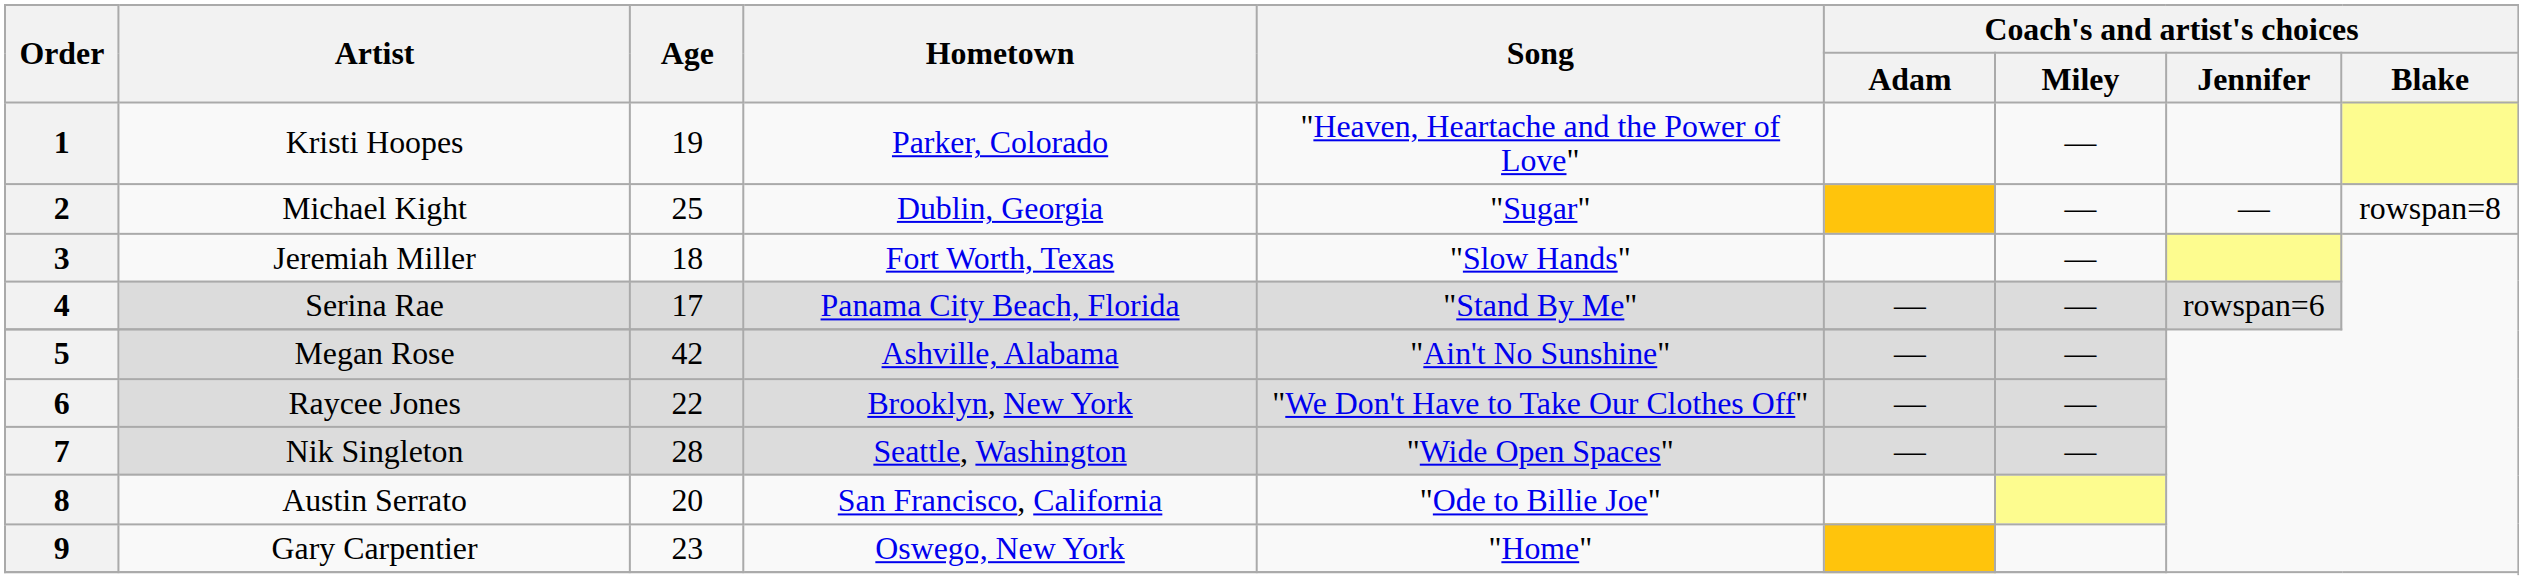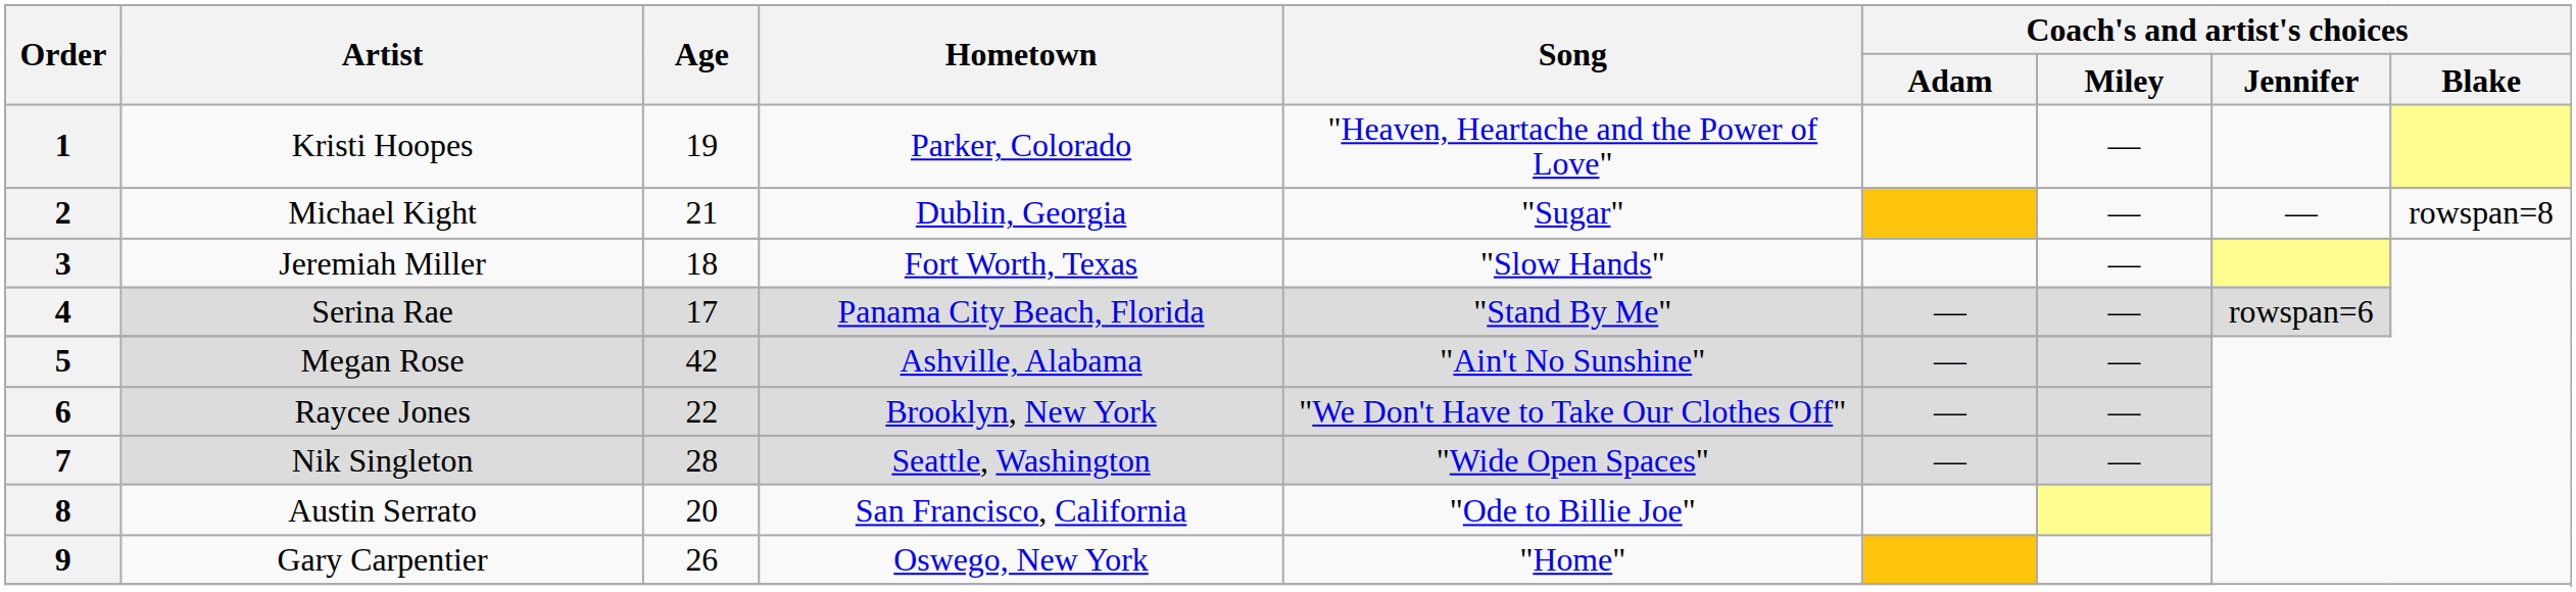 <table class="wikitable" style="text-align:center; line-height:17px; width:100%;">
 <tr>
 <th scope="col" rowspan="2" style="width:04%;">Order</th>
 <th scope="col" rowspan="2" style="width:18%;">Artist</th>
 <th scope="col" rowspan="2" style="width:04%;">Age</th>
 <th scope="col" rowspan="2" style="width:18%;">Hometown</th>
 <th scope="col" rowspan="2" style="width:20%;">Song</th>
 <th scope="col" colspan="4" style="width:24%;">Coach's and artist's choices</th>
 </tr>
 <tr>
 <th style="width:06%;">Adam</th>
 <th style="width:06%;">Miley</th>
 <th style="width:06%;">Jennifer</th>
 <th style="width:06%;">Blake</th>
 </tr>
 <tr>
 <th>1</th>
 <td>Kristi Hoopes</td>
 <td>19</td>
 <td><a href='#'>Parker, Colorado</a></td>
 <td>"<a href='#'>Heaven, Heartache and the Power of Love</a>"</td>
 <td><strong></strong></td>
 <td>—</td>
 <td><strong></strong></td>
 <td bgcolor=#fdfc8f><strong></strong></td>
 </tr>
 <tr>
 <th>2</th>
 <td>Michael Kight</td>
-<td>25</td>
+<td>21</td>
 <td><a href='#'>Dublin, Georgia</a></td>
 <td>"<a href='#'>Sugar</a>"</td>
 <td bgcolor=#ffc40c><strong></strong></td>
 <td>—</td>
 <td>—</td>
 <td>rowspan=8 </td>
 </tr>
 <tr>
 <th>3</th>
 <td>Jeremiah Miller</td>
 <td>18</td>
 <td><a href='#'>Fort Worth, Texas</a></td>
 <td>"<a href='#'>Slow Hands</a>"</td>
 <td><strong></strong></td>
 <td>—</td>
 <td bgcolor=#fdfc8f><strong></strong></td>
 </tr>
 <tr style="background:#DCDCDC;">
 <th>4</th>
 <td>Serina Rae</td>
 <td>17</td>
 <td><a href='#'>Panama City Beach, Florida</a></td>
 <td>"<a href='#'>Stand By Me</a>"</td>
 <td>—</td>
 <td>—</td>
 <td>rowspan=6 </td>
 </tr>
 <tr style="background:#DCDCDC;">
 </tr>
 <tr bgcolor=#DCDCDC>
 <th>5</th>
 <td>Megan Rose</td>
 <td>42</td>
 <td><a href='#'>Ashville, Alabama</a></td>
 <td>"<a href='#'>Ain't No Sunshine</a>"</td>
 <td>—</td>
 <td>—</td>
 </tr>
 <tr style="background:#DCDCDC;">
 <th>6</th>
 <td>Raycee Jones</td>
 <td>22</td>
 <td><a href='#'>Brooklyn</a>, <a href='#'>New York</a></td>
 <td>"<a href='#'>We Don't Have to Take Our Clothes Off</a>"</td>
 <td>—</td>
 <td>—</td>
 </tr>
 <tr style="background:#DCDCDC;">
 <th>7</th>
 <td>Nik Singleton</td>
 <td>28</td>
 <td><a href='#'>Seattle</a>, <a href='#'>Washington</a></td>
 <td>"<a href='#'>Wide Open Spaces</a>"</td>
 <td>—</td>
 <td>—</td>
 </tr>
 <tr>
 <th>8</th>
 <td>Austin Serrato</td>
 <td>20</td>
 <td><a href='#'>San Francisco</a>, <a href='#'>California</a></td>
 <td>"<a href='#'>Ode to Billie Joe</a>"</td>
 <td><strong></strong></td>
 <td bgcolor=#fdfc8f><strong></strong></td>
 </tr>
 <tr>
 <th>9</th>
 <td>Gary Carpentier</td>
-<td>23</td>
+<td>26</td>
 <td><a href='#'>Oswego, New York</a></td>
 <td>"<a href='#'>Home</a>"</td>
 <td bgcolor=#ffc40c><strong></strong></td>
 <td></td>
 </tr>
 <tr>
 </tr>
 </table>
